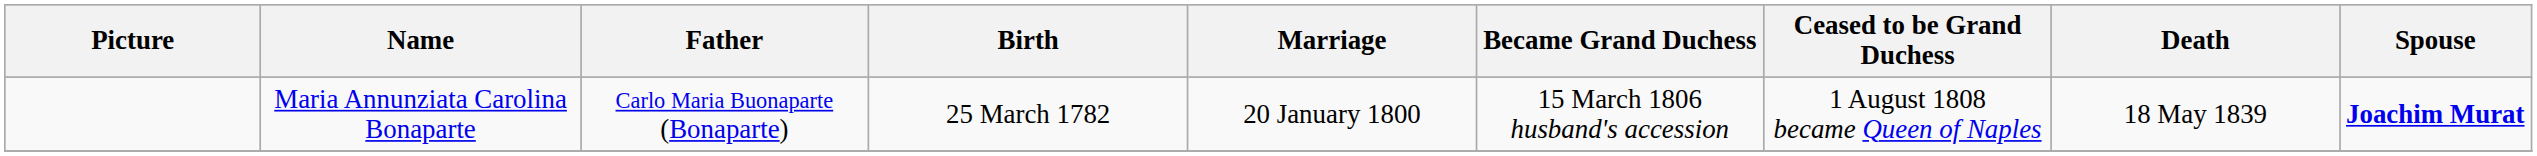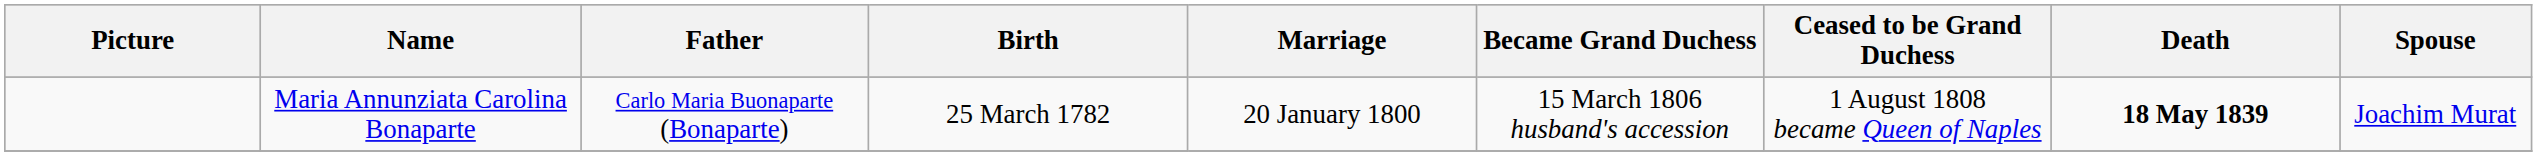 <table width=95% class="wikitable">
 <tr>
 <th width = "8%">Picture</th>
 <th width = "10%">Name</th>
 <th width = "9%">Father</th>
 <th width = "10%">Birth</th>
 <th width = "9%">Marriage</th>
 <th width = "9%">Became Grand Duchess</th>
 <th width = "9%">Ceased to be Grand Duchess</th>
 <th width = "9%">Death</th>
 <th width = "6%">Spouse</th>
 </tr>
 <tr>
 <td align="center"></td>
 <td align="center"><a href='#'>Maria Annunziata Carolina Bonaparte</a></td>
 <td align="center"><small><a href='#'>Carlo Maria Buonaparte</a></small><br>(<a href='#'>Bonaparte</a>)</td>
 <td align="center">25 March 1782</td>
 <td align="center">20 January 1800</td>
 <td align="center">15 March 1806<br><em>husband's accession</em></td>
 <td align="center">1 August 1808<br><em>became <a href='#'>Queen of Naples</a></em></td>
-<td align="center">18 May 1839</td>
-<td align="center"><strong><a href='#'>Joachim Murat</a></strong></td>
+<td align="center"><strong>18 May 1839</strong></td>
+<td align="center"><a href='#'>Joachim Murat</a></td>
 </tr>
 <tr>
 </tr>
 </table>
